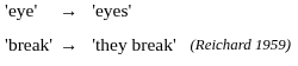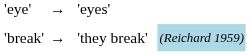 <table style="line-height: 1.4em;" cellpadding="2">
 <tr>
 <td> </td>
 <td> </td>
 <td></td>
 <td>'eye'</td>
 <td>→</td>
 <td></td>
 <td>'eyes'</td>
 <td></td>
 </tr>
 <tr>
 <td> </td>
 <td> </td>
 <td></td>
 <td>'break'</td>
 <td>→</td>
 <td></td>
 <td>'they break'</td>
 <td></td>
-<td><small><cite>(Reichard 1959)</cite></small></td>
+<td style="background: lightblue;"><small><cite>(Reichard 1959)</cite></small></td>
 </tr>
 </table>
